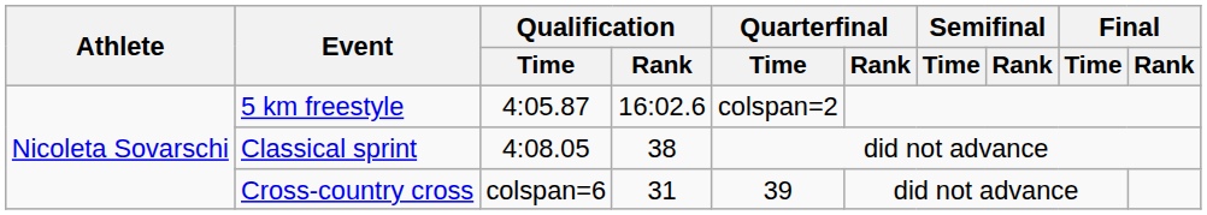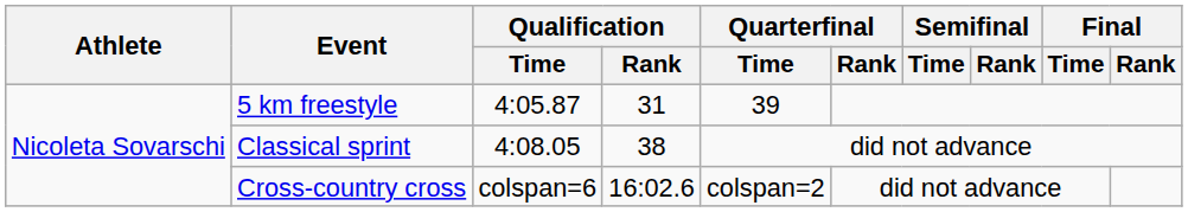 <table class="wikitable" style="font-size:90%">
 <tr>
 <th rowspan="2">Athlete</th>
 <th rowspan="2">Event</th>
 <th colspan="2">Qualification</th>
 <th colspan="2">Quarterfinal</th>
 <th colspan="2">Semifinal</th>
 <th colspan="2">Final</th>
 </tr>
 <tr style="font-size:95%">
 <th>Time</th>
 <th>Rank</th>
 <th>Time</th>
 <th>Rank</th>
 <th>Time</th>
 <th>Rank</th>
 <th>Time</th>
 <th>Rank</th>
 </tr>
 <tr align=center>
 <td align=left rowspan=3><a href='#'>Nicoleta Sovarschi</a></td>
 <td align=left><a href='#'>5 km freestyle</a></td>
 <td>4:05.87</td>
-<td>16:02.6</td>
-<td>colspan=2 </td>
+<td>31</td>
+<td>39</td>
 </tr>
 <tr align=center>
 <td align=left><a href='#'>Classical sprint</a></td>
 <td>4:08.05</td>
 <td>38</td>
 <td colspan=6>did not advance</td>
 </tr>
 <tr align=center>
 <td align=left><a href='#'>Cross-country cross</a></td>
 <td>colspan=6 </td>
-<td>31</td>
-<td>39</td>
+<td>16:02.6</td>
+<td>colspan=2 </td>
 <td colspan=4>did not advance</td>
 </tr>
 </table>
